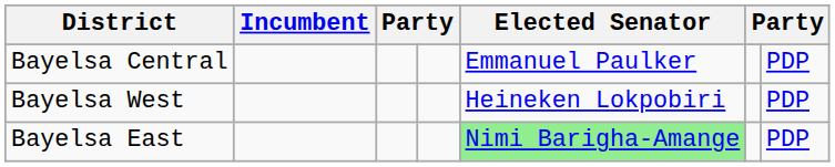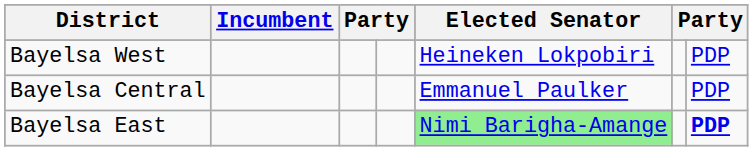 <table class="sortable wikitable" style="font-size:95%;line-height:14px;">
 <tr>
 <th class="unsortable">District</th>
 <th class="unsortable"><a href='#'>Incumbent</a></th>
 <th colspan="2">Party</th>
 <th class="unsortable">Elected Senator</th>
 <th colspan="2">Party</th>
+</tr>
+<tr>
+<td>Bayelsa West</td>
+<td></td>
+<td></td>
+<td></td>
+<td><a href='#'>Heineken Lokpobiri</a></td>
+<td style="background:"></td>
+<td><a href='#'>PDP</a></td>
 </tr>
 <tr>
 <td>Bayelsa Central</td>
 <td></td>
 <td></td>
 <td></td>
 <td><a href='#'>Emmanuel Paulker</a></td>
 <td style="background:"></td>
 <td><a href='#'>PDP</a></td>
 </tr>
 <tr>
-<td>Bayelsa West</td>
-<td></td>
-<td></td>
-<td></td>
-<td><a href='#'>Heineken Lokpobiri</a></td>
-<td style="background:"></td>
-<td><a href='#'>PDP</a></td>
-</tr>
-<tr>
 <td>Bayelsa East</td>
 <td></td>
 <td></td>
 <td></td>
 <td style="background: lightgreen;"><a href='#'>Nimi Barigha-Amange</a></td>
 <td style="background:"></td>
-<td><a href='#'>PDP</a></td>
+<td><strong><a href='#'>PDP</a></strong></td>
 </tr>
 </table>
